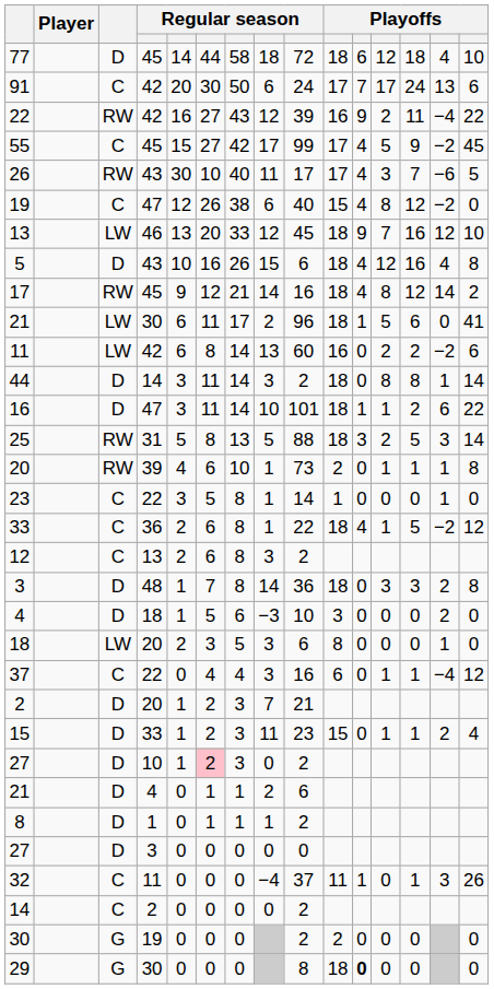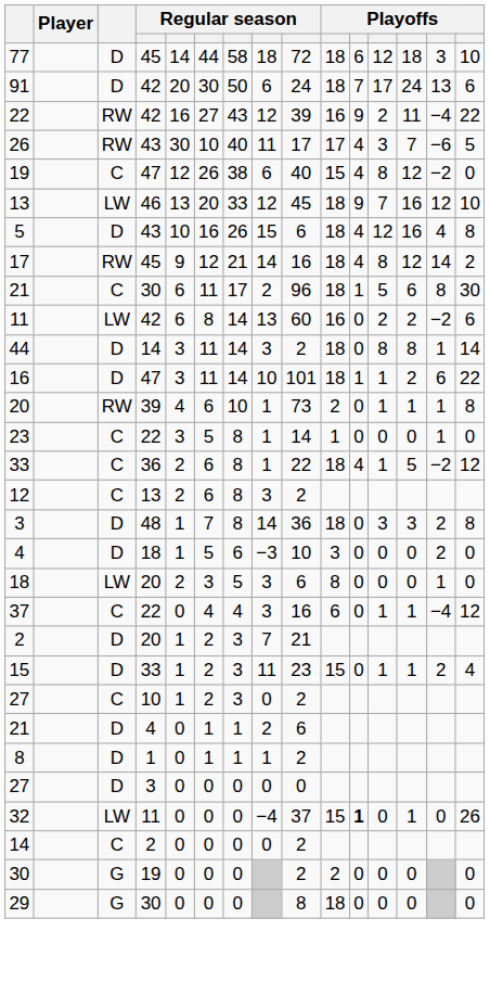 <table class="wikitable sortable plainrowheaders" style="text-align:center;">
 <tr>
 <th scope="col" data-sort-type="number" rowspan="2"></th>
 <th scope="col" rowspan="2">Player</th>
 <th scope="col" rowspan="2"></th>
 <th scope=colgroup colspan=6>Regular season</th>
 <th scope=colgroup colspan=6>Playoffs</th>
 </tr>
 <tr>
 <th scope="col" data-sort-type="number"></th>
 <th scope="col" data-sort-type="number"></th>
 <th scope="col" data-sort-type="number"></th>
 <th scope="col" data-sort-type="number"></th>
 <th scope="col" data-sort-type="number"></th>
 <th scope="col" data-sort-type="number"></th>
 <th scope="col" data-sort-type="number"></th>
 <th scope="col" data-sort-type="number"></th>
 <th scope="col" data-sort-type="number"></th>
 <th scope="col" data-sort-type="number"></th>
 <th scope="col" data-sort-type="number"></th>
 <th scope="col" data-sort-type="number"></th>
 </tr>
 <tr>
 <td scope="row">77</td>
 <td align="left"></td>
 <td>D</td>
 <td>45</td>
 <td>14</td>
 <td>44</td>
 <td>58</td>
 <td>18</td>
 <td>72</td>
 <td>18</td>
 <td>6</td>
 <td>12</td>
 <td>18</td>
-<td>4</td>
+<td>3</td>
 <td>10</td>
 </tr>
 <tr>
 <td scope="row">91</td>
 <td align="left"></td>
-<td>C</td>
+<td>D</td>
 <td>42</td>
 <td>20</td>
 <td>30</td>
 <td>50</td>
 <td>6</td>
 <td>24</td>
-<td>17</td>
+<td>18</td>
 <td>7</td>
 <td>17</td>
 <td>24</td>
 <td>13</td>
 <td>6</td>
 </tr>
 <tr>
 <td scope="row">22</td>
 <td align="left"></td>
 <td>RW</td>
 <td>42</td>
 <td>16</td>
 <td>27</td>
 <td>43</td>
 <td>12</td>
 <td>39</td>
 <td>16</td>
 <td>9</td>
 <td>2</td>
 <td>11</td>
 <td>−4</td>
 <td>22</td>
-</tr>
-<tr>
-<td scope="row">55</td>
-<td align="left"></td>
-<td>C</td>
-<td>45</td>
-<td>15</td>
-<td>27</td>
-<td>42</td>
-<td>17</td>
-<td>99</td>
-<td>17</td>
-<td>4</td>
-<td>5</td>
-<td>9</td>
-<td>−2</td>
-<td>45</td>
 </tr>
 <tr>
 <td scope="row">26</td>
 <td align="left"></td>
 <td>RW</td>
 <td>43</td>
 <td>30</td>
 <td>10</td>
 <td>40</td>
 <td>11</td>
 <td>17</td>
 <td>17</td>
 <td>4</td>
 <td>3</td>
 <td>7</td>
 <td>−6</td>
 <td>5</td>
 </tr>
 <tr>
 <td scope="row">19</td>
 <td align="left"></td>
 <td>C</td>
 <td>47</td>
 <td>12</td>
 <td>26</td>
 <td>38</td>
 <td>6</td>
 <td>40</td>
 <td>15</td>
 <td>4</td>
 <td>8</td>
 <td>12</td>
 <td>−2</td>
 <td>0</td>
 </tr>
 <tr>
 <td scope="row">13</td>
 <td align="left"></td>
 <td>LW</td>
 <td>46</td>
 <td>13</td>
 <td>20</td>
 <td>33</td>
 <td>12</td>
 <td>45</td>
 <td>18</td>
 <td>9</td>
 <td>7</td>
 <td>16</td>
 <td>12</td>
 <td>10</td>
 </tr>
 <tr>
 <td scope="row">5</td>
 <td align="left"></td>
 <td>D</td>
 <td>43</td>
 <td>10</td>
 <td>16</td>
 <td>26</td>
 <td>15</td>
 <td>6</td>
 <td>18</td>
 <td>4</td>
 <td>12</td>
 <td>16</td>
 <td>4</td>
 <td>8</td>
 </tr>
 <tr>
 <td scope="row">17</td>
 <td align="left"></td>
 <td>RW</td>
 <td>45</td>
 <td>9</td>
 <td>12</td>
 <td>21</td>
 <td>14</td>
 <td>16</td>
 <td>18</td>
 <td>4</td>
 <td>8</td>
 <td>12</td>
 <td>14</td>
 <td>2</td>
 </tr>
 <tr>
 <td scope="row">21</td>
 <td align="left"></td>
-<td>LW</td>
+<td>C</td>
 <td>30</td>
 <td>6</td>
 <td>11</td>
 <td>17</td>
 <td>2</td>
 <td>96</td>
 <td>18</td>
 <td>1</td>
 <td>5</td>
 <td>6</td>
-<td>0</td>
-<td>41</td>
+<td>8</td>
+<td>30</td>
 </tr>
 <tr>
 <td scope="row">11</td>
 <td align="left"></td>
 <td>LW</td>
 <td>42</td>
 <td>6</td>
 <td>8</td>
 <td>14</td>
 <td>13</td>
 <td>60</td>
 <td>16</td>
 <td>0</td>
 <td>2</td>
 <td>2</td>
 <td>−2</td>
 <td>6</td>
 </tr>
 <tr>
 <td scope="row">44</td>
 <td align="left"></td>
 <td>D</td>
 <td>14</td>
 <td>3</td>
 <td>11</td>
 <td>14</td>
 <td>3</td>
 <td>2</td>
 <td>18</td>
 <td>0</td>
 <td>8</td>
 <td>8</td>
 <td>1</td>
 <td>14</td>
 </tr>
 <tr>
 <td scope="row">16</td>
 <td align="left"></td>
 <td>D</td>
 <td>47</td>
 <td>3</td>
 <td>11</td>
 <td>14</td>
 <td>10</td>
 <td>101</td>
 <td>18</td>
 <td>1</td>
 <td>1</td>
 <td>2</td>
 <td>6</td>
 <td>22</td>
-</tr>
-<tr>
-<td scope="row">25</td>
-<td align="left"></td>
-<td>RW</td>
-<td>31</td>
-<td>5</td>
-<td>8</td>
-<td>13</td>
-<td>5</td>
-<td>88</td>
-<td>18</td>
-<td>3</td>
-<td>2</td>
-<td>5</td>
-<td>3</td>
-<td>14</td>
 </tr>
 <tr>
 <td scope="row">20</td>
 <td align="left"></td>
 <td>RW</td>
 <td>39</td>
 <td>4</td>
 <td>6</td>
 <td>10</td>
 <td>1</td>
 <td>73</td>
 <td>2</td>
 <td>0</td>
 <td>1</td>
 <td>1</td>
 <td>1</td>
 <td>8</td>
 </tr>
 <tr>
 <td scope="row">23</td>
 <td align="left"></td>
 <td>C</td>
 <td>22</td>
 <td>3</td>
 <td>5</td>
 <td>8</td>
 <td>1</td>
 <td>14</td>
 <td>1</td>
 <td>0</td>
 <td>0</td>
 <td>0</td>
 <td>1</td>
 <td>0</td>
 </tr>
 <tr>
 <td scope="row">33</td>
 <td align="left"></td>
 <td>C</td>
 <td>36</td>
 <td>2</td>
 <td>6</td>
 <td>8</td>
 <td>1</td>
 <td>22</td>
 <td>18</td>
 <td>4</td>
 <td>1</td>
 <td>5</td>
 <td>−2</td>
 <td>12</td>
 </tr>
 <tr>
 <td scope="row">12</td>
 <td align="left"></td>
 <td>C</td>
 <td>13</td>
 <td>2</td>
 <td>6</td>
 <td>8</td>
 <td>3</td>
 <td>2</td>
 <td></td>
 <td></td>
 <td></td>
 <td></td>
 <td></td>
 <td></td>
 </tr>
 <tr>
 <td scope="row">3</td>
 <td align="left"></td>
 <td>D</td>
 <td>48</td>
 <td>1</td>
 <td>7</td>
 <td>8</td>
 <td>14</td>
 <td>36</td>
 <td>18</td>
 <td>0</td>
 <td>3</td>
 <td>3</td>
 <td>2</td>
 <td>8</td>
 </tr>
 <tr>
 <td scope="row">4</td>
 <td align="left"></td>
 <td>D</td>
 <td>18</td>
 <td>1</td>
 <td>5</td>
 <td>6</td>
 <td>−3</td>
 <td>10</td>
 <td>3</td>
 <td>0</td>
 <td>0</td>
 <td>0</td>
 <td>2</td>
 <td>0</td>
 </tr>
 <tr>
 <td scope="row">18</td>
 <td align="left"></td>
 <td>LW</td>
 <td>20</td>
 <td>2</td>
 <td>3</td>
 <td>5</td>
 <td>3</td>
 <td>6</td>
 <td>8</td>
 <td>0</td>
 <td>0</td>
 <td>0</td>
 <td>1</td>
 <td>0</td>
 </tr>
 <tr>
 <td scope="row">37</td>
 <td align="left"></td>
 <td>C</td>
 <td>22</td>
 <td>0</td>
 <td>4</td>
 <td>4</td>
 <td>3</td>
 <td>16</td>
 <td>6</td>
 <td>0</td>
 <td>1</td>
 <td>1</td>
 <td>−4</td>
 <td>12</td>
 </tr>
 <tr>
 <td scope="row">2</td>
 <td align="left"></td>
 <td>D</td>
 <td>20</td>
 <td>1</td>
 <td>2</td>
 <td>3</td>
 <td>7</td>
 <td>21</td>
 <td></td>
 <td></td>
 <td></td>
 <td></td>
 <td></td>
 <td></td>
 </tr>
 <tr>
 <td scope="row">15</td>
 <td align="left"></td>
 <td>D</td>
 <td>33</td>
 <td>1</td>
 <td>2</td>
 <td>3</td>
 <td>11</td>
 <td>23</td>
 <td>15</td>
 <td>0</td>
 <td>1</td>
 <td>1</td>
 <td>2</td>
 <td>4</td>
 </tr>
 <tr>
 <td scope="row">27</td>
 <td align="left"></td>
-<td>D</td>
+<td>C</td>
 <td>10</td>
 <td>1</td>
-<td style="background: pink;">2</td>
+<td>2</td>
 <td>3</td>
 <td>0</td>
 <td>2</td>
 <td></td>
 <td></td>
 <td></td>
 <td></td>
 <td></td>
 <td></td>
 </tr>
 <tr>
 <td scope="row">21</td>
 <td align="left"></td>
 <td>D</td>
 <td>4</td>
 <td>0</td>
 <td>1</td>
 <td>1</td>
 <td>2</td>
 <td>6</td>
 <td></td>
 <td></td>
 <td></td>
 <td></td>
 <td></td>
 <td></td>
 </tr>
 <tr>
 <td scope="row">8</td>
 <td align="left"></td>
 <td>D</td>
 <td>1</td>
 <td>0</td>
 <td>1</td>
 <td>1</td>
 <td>1</td>
 <td>2</td>
 <td></td>
 <td></td>
 <td></td>
 <td></td>
 <td></td>
 <td></td>
 </tr>
 <tr>
 <td scope="row">27</td>
 <td align="left"></td>
 <td>D</td>
 <td>3</td>
 <td>0</td>
 <td>0</td>
 <td>0</td>
 <td>0</td>
 <td>0</td>
 <td></td>
 <td></td>
 <td></td>
 <td></td>
 <td></td>
 <td></td>
 </tr>
 <tr>
 <td scope="row">32</td>
 <td align="left"></td>
-<td>C</td>
+<td>LW</td>
 <td>11</td>
 <td>0</td>
 <td>0</td>
 <td>0</td>
 <td>−4</td>
 <td>37</td>
-<td>11</td>
+<td>15</td>
+<td><strong>1</strong></td>
+<td>0</td>
 <td>1</td>
 <td>0</td>
-<td>1</td>
-<td>3</td>
 <td>26</td>
 </tr>
 <tr>
 <td scope="row">14</td>
 <td align="left"></td>
 <td>C</td>
 <td>2</td>
 <td>0</td>
 <td>0</td>
 <td>0</td>
 <td>0</td>
 <td>2</td>
 <td></td>
 <td></td>
 <td></td>
 <td></td>
 <td></td>
 <td></td>
 </tr>
 <tr>
 <td scope="row">30</td>
 <td align="left"></td>
 <td>G</td>
 <td>19</td>
 <td>0</td>
 <td>0</td>
 <td>0</td>
 <td style="background:#ccc"></td>
 <td>2</td>
 <td>2</td>
 <td>0</td>
 <td>0</td>
 <td>0</td>
 <td style="background:#ccc"></td>
 <td>0</td>
 </tr>
 <tr>
 <td scope="row">29</td>
 <td align="left"></td>
 <td>G</td>
 <td>30</td>
 <td>0</td>
 <td>0</td>
 <td>0</td>
 <td style="background:#ccc"></td>
 <td>8</td>
 <td>18</td>
-<td><strong>0</strong></td>
+<td>0</td>
 <td>0</td>
 <td>0</td>
 <td style="background:#ccc"></td>
 <td>0</td>
 </tr>
 </table>
